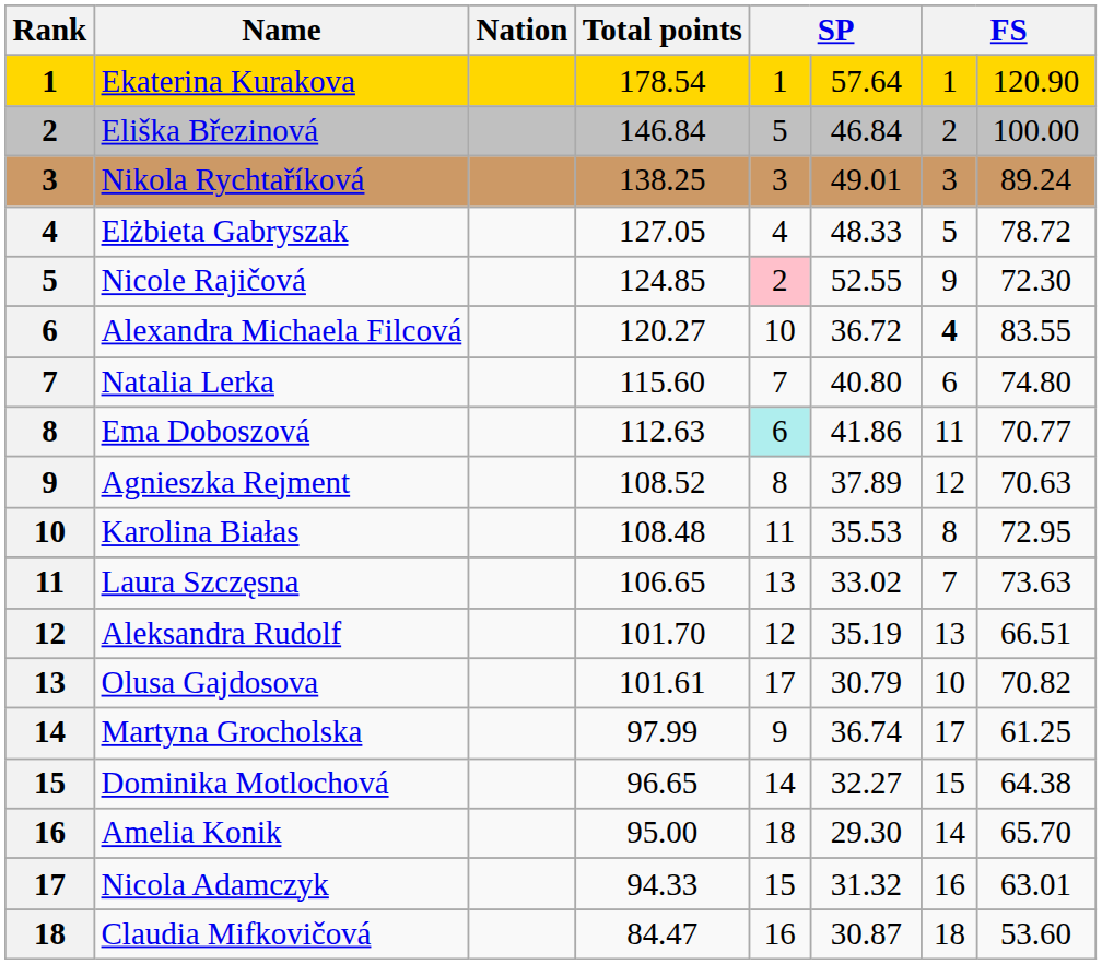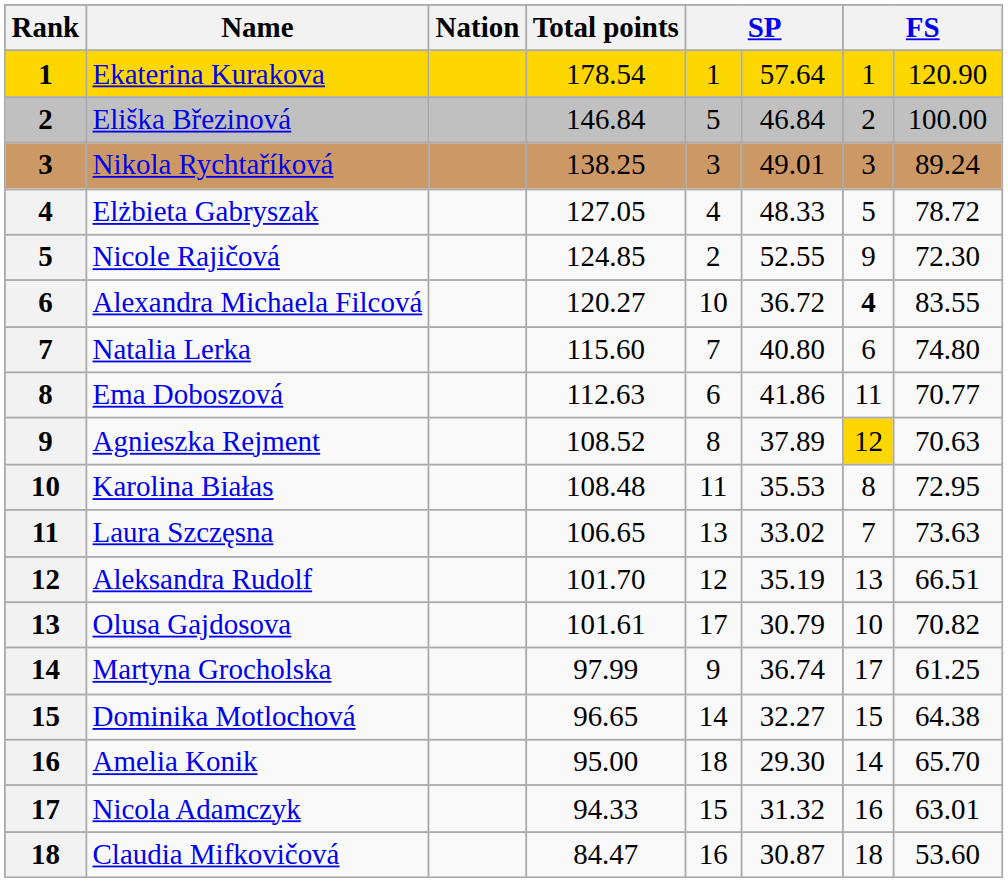 <table class="wikitable sortable">
 <tr>
 <th>Rank</th>
 <th>Name</th>
 <th>Nation</th>
 <th>Total points</th>
 <th colspan="2" width="80px"><a href='#'>SP</a></th>
 <th colspan="2" width="80px"><a href='#'>FS</a></th>
 </tr>
 <tr bgcolor="gold">
 <td align="center"><strong>1</strong></td>
 <td><a href='#'>Ekaterina Kurakova</a></td>
 <td></td>
 <td align="center">178.54</td>
 <td align="center">1</td>
 <td align="center">57.64</td>
 <td align="center">1</td>
 <td align="center">120.90</td>
 </tr>
 <tr bgcolor="silver">
 <td align="center"><strong>2</strong></td>
 <td><a href='#'>Eliška Březinová</a></td>
 <td></td>
 <td align="center">146.84</td>
 <td align="center">5</td>
 <td align="center">46.84</td>
 <td align="center">2</td>
 <td align="center">100.00</td>
 </tr>
 <tr bgcolor="cc9966">
 <td align="center"><strong>3</strong></td>
 <td><a href='#'>Nikola Rychtaříková</a></td>
 <td></td>
 <td align="center">138.25</td>
 <td align="center">3</td>
 <td align="center">49.01</td>
 <td align="center">3</td>
 <td align="center">89.24</td>
 </tr>
 <tr>
 <th>4</th>
 <td><a href='#'>Elżbieta Gabryszak</a></td>
 <td></td>
 <td align="center">127.05</td>
 <td align="center">4</td>
 <td align="center">48.33</td>
 <td align="center">5</td>
 <td align="center">78.72</td>
 </tr>
 <tr>
 <th>5</th>
 <td><a href='#'>Nicole Rajičová</a></td>
 <td></td>
 <td align="center">124.85</td>
-<td align="center" style="background: pink;">2</td>
+<td align="center">2</td>
 <td align="center">52.55</td>
 <td align="center">9</td>
 <td align="center">72.30</td>
 </tr>
 <tr>
 <th>6</th>
 <td><a href='#'>Alexandra Michaela Filcová</a></td>
 <td></td>
 <td align="center">120.27</td>
 <td align="center">10</td>
 <td align="center">36.72</td>
 <td align="center"><strong>4</strong></td>
 <td align="center">83.55</td>
 </tr>
 <tr>
 <th>7</th>
 <td><a href='#'>Natalia Lerka</a></td>
 <td></td>
 <td align="center">115.60</td>
 <td align="center">7</td>
 <td align="center">40.80</td>
 <td align="center">6</td>
 <td align="center">74.80</td>
 </tr>
 <tr>
 <th>8</th>
 <td><a href='#'>Ema Doboszová</a></td>
 <td></td>
 <td align="center">112.63</td>
-<td align="center" style="background: paleturquoise;">6</td>
+<td align="center">6</td>
 <td align="center">41.86</td>
 <td align="center">11</td>
 <td align="center">70.77</td>
 </tr>
 <tr>
 <th>9</th>
 <td><a href='#'>Agnieszka Rejment</a></td>
 <td></td>
 <td align="center">108.52</td>
 <td align="center">8</td>
 <td align="center">37.89</td>
-<td align="center">12</td>
+<td align="center" style="background: gold;">12</td>
 <td align="center">70.63</td>
 </tr>
 <tr>
 <th>10</th>
 <td><a href='#'>Karolina Białas</a></td>
 <td></td>
 <td align="center">108.48</td>
 <td align="center">11</td>
 <td align="center">35.53</td>
 <td align="center">8</td>
 <td align="center">72.95</td>
 </tr>
 <tr>
 <th>11</th>
 <td><a href='#'>Laura Szczęsna</a></td>
 <td></td>
 <td align="center">106.65</td>
 <td align="center">13</td>
 <td align="center">33.02</td>
 <td align="center">7</td>
 <td align="center">73.63</td>
 </tr>
 <tr>
 <th>12</th>
 <td><a href='#'>Aleksandra Rudolf</a></td>
 <td></td>
 <td align="center">101.70</td>
 <td align="center">12</td>
 <td align="center">35.19</td>
 <td align="center">13</td>
 <td align="center">66.51</td>
 </tr>
 <tr>
 <th>13</th>
 <td><a href='#'>Olusa Gajdosova</a></td>
 <td></td>
 <td align="center">101.61</td>
 <td align="center">17</td>
 <td align="center">30.79</td>
 <td align="center">10</td>
 <td align="center">70.82</td>
 </tr>
 <tr>
 <th>14</th>
 <td><a href='#'>Martyna Grocholska</a></td>
 <td></td>
 <td align="center">97.99</td>
 <td align="center">9</td>
 <td align="center">36.74</td>
 <td align="center">17</td>
 <td align="center">61.25</td>
 </tr>
 <tr>
 <th>15</th>
 <td><a href='#'>Dominika Motlochová</a></td>
 <td></td>
 <td align="center">96.65</td>
 <td align="center">14</td>
 <td align="center">32.27</td>
 <td align="center">15</td>
 <td align="center">64.38</td>
 </tr>
 <tr>
 <th>16</th>
 <td><a href='#'>Amelia Konik</a></td>
 <td></td>
 <td align="center">95.00</td>
 <td align="center">18</td>
 <td align="center">29.30</td>
 <td align="center">14</td>
 <td align="center">65.70</td>
 </tr>
 <tr>
 <th>17</th>
 <td><a href='#'>Nicola Adamczyk</a></td>
 <td></td>
 <td align="center">94.33</td>
 <td align="center">15</td>
 <td align="center">31.32</td>
 <td align="center">16</td>
 <td align="center">63.01</td>
 </tr>
 <tr>
 <th>18</th>
 <td><a href='#'>Claudia Mifkovičová</a></td>
 <td></td>
 <td align="center">84.47</td>
 <td align="center">16</td>
 <td align="center">30.87</td>
 <td align="center">18</td>
 <td align="center">53.60</td>
 </tr>
 </table>
